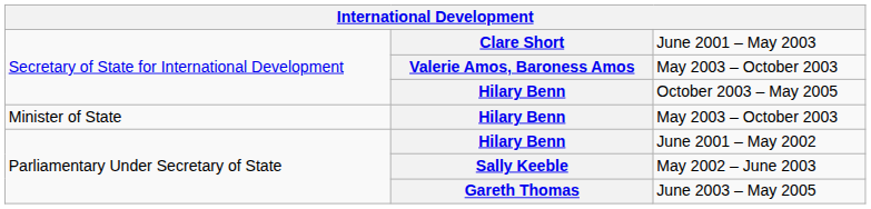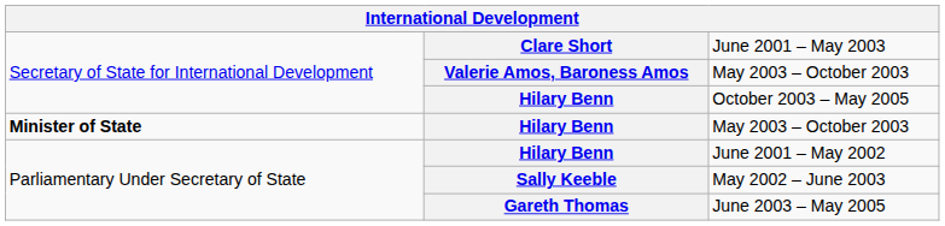 <table class="wikitable plainrowheaders" width=100% style="max-width:55em;">
 <tr>
 <th colspan=4><a href='#'>International Development</a></th>
 </tr>
 <tr>
 <td rowspan="3"><a href='#'>Secretary of State for International Development</a></td>
 <th scope="row" style="font-weight:bold;"><a href='#'>Clare Short</a></th>
 <td>June 2001 – May 2003</td>
 </tr>
 <tr>
 <th scope="row" style="font-weight:bold;"><a href='#'>Valerie Amos, Baroness Amos</a></th>
 <td>May 2003 – October 2003</td>
 </tr>
 <tr>
 <th scope="row" style="font-weight:bold;"><a href='#'>Hilary Benn</a></th>
 <td>October 2003 – May 2005</td>
 </tr>
 <tr>
-<td>Minister of State</td>
+<td><strong>Minister of State</strong></td>
 <th scope="row"><a href='#'>Hilary Benn</a></th>
 <td>May 2003 – October 2003</td>
 </tr>
 <tr>
 <td rowspan="3">Parliamentary Under Secretary of State</td>
 <th scope="row"><a href='#'>Hilary Benn</a></th>
 <td>June 2001 – May 2002</td>
 </tr>
 <tr>
 <th scope="row"><a href='#'>Sally Keeble</a></th>
 <td>May 2002 – June 2003</td>
 </tr>
 <tr>
 <th scope="row"><a href='#'>Gareth Thomas</a></th>
 <td>June 2003 – May 2005</td>
 </tr>
 </table>
